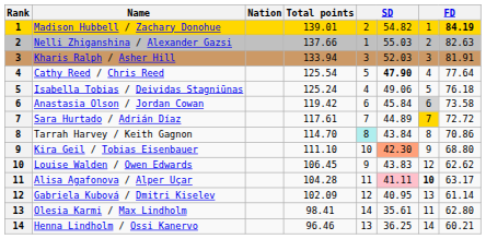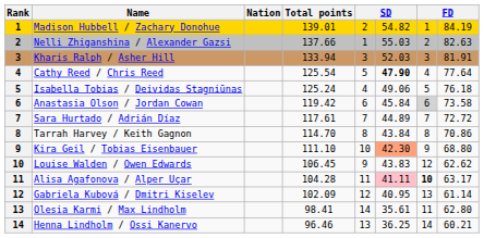 <table class="wikitable sortable">
 <tr>
 <th>Rank</th>
 <th>Name</th>
 <th>Nation</th>
 <th>Total points</th>
 <th colspan="2" width="80px"><a href='#'>SD</a></th>
 <th colspan="2" width="80px"><a href='#'>FD</a></th>
 </tr>
 <tr bgcolor="gold">
 <td align="center"><strong>1</strong></td>
 <td><a href='#'>Madison Hubbell</a> / <a href='#'>Zachary Donohue</a></td>
 <td></td>
 <td align="center">139.01</td>
 <td align="center">2</td>
 <td align="center">54.82</td>
 <td align="center">1</td>
-<td align="center"><strong>84.19</strong></td>
+<td align="center">84.19</td>
 </tr>
 <tr bgcolor="silver">
 <td align="center"><strong>2</strong></td>
 <td><a href='#'>Nelli Zhiganshina</a> / <a href='#'>Alexander Gazsi</a></td>
 <td></td>
 <td align="center">137.66</td>
 <td align="center">1</td>
 <td align="center">55.03</td>
 <td align="center">2</td>
 <td align="center">82.63</td>
 </tr>
 <tr bgcolor="cc9966">
 <td align="center"><strong>3</strong></td>
 <td><a href='#'>Kharis Ralph</a> / <a href='#'>Asher Hill</a></td>
 <td></td>
 <td align="center">133.94</td>
 <td align="center">3</td>
 <td align="center">52.03</td>
 <td align="center">3</td>
 <td align="center">81.91</td>
 </tr>
 <tr>
 <th>4</th>
 <td><a href='#'>Cathy Reed</a> / <a href='#'>Chris Reed</a></td>
 <td></td>
 <td align="center">125.54</td>
 <td align="center">5</td>
 <td align="center"><strong>47.90</strong></td>
 <td align="center">4</td>
 <td align="center">77.64</td>
 </tr>
 <tr>
 <th>5</th>
 <td><a href='#'>Isabella Tobias</a> / <a href='#'>Deividas Stagniūnas</a></td>
 <td></td>
 <td align="center">125.24</td>
 <td align="center">4</td>
 <td align="center">49.06</td>
 <td align="center">5</td>
 <td align="center">76.18</td>
 </tr>
 <tr>
 <th>6</th>
 <td><a href='#'>Anastasia Olson</a> / <a href='#'>Jordan Cowan</a></td>
 <td></td>
 <td align="center">119.42</td>
 <td align="center">6</td>
 <td align="center">45.84</td>
 <td align="center" style="background: lightgrey;">6</td>
 <td align="center">73.58</td>
 </tr>
 <tr>
 <th>7</th>
 <td><a href='#'>Sara Hurtado</a> / <a href='#'>Adrián Díaz</a></td>
 <td></td>
 <td align="center">117.61</td>
 <td align="center">7</td>
 <td align="center">44.89</td>
-<td align="center" style="background: gold;">7</td>
+<td align="center">7</td>
 <td align="center">72.72</td>
 </tr>
 <tr>
 <th>8</th>
 <td>Tarrah Harvey / Keith Gagnon</td>
 <td></td>
 <td align="center">114.70</td>
-<td align="center" style="background: paleturquoise;">8</td>
+<td align="center">8</td>
 <td align="center">43.84</td>
 <td align="center">8</td>
 <td align="center">70.86</td>
 </tr>
 <tr>
 <th>9</th>
 <td><a href='#'>Kira Geil</a> / <a href='#'>Tobias Eisenbauer</a></td>
 <td></td>
 <td align="center">111.10</td>
 <td align="center">10</td>
 <td align="center" style="background: lightsalmon;">42.30</td>
 <td align="center">9</td>
 <td align="center">68.80</td>
 </tr>
 <tr>
 <th>10</th>
 <td><a href='#'>Louise Walden</a> / <a href='#'>Owen Edwards</a></td>
 <td></td>
 <td align="center">106.45</td>
 <td align="center">9</td>
 <td align="center">43.83</td>
 <td align="center">12</td>
 <td align="center">62.62</td>
 </tr>
 <tr>
 <th>11</th>
 <td><a href='#'>Alisa Agafonova</a> / <a href='#'>Alper Uçar</a></td>
 <td></td>
 <td align="center">104.28</td>
 <td align="center">11</td>
 <td align="center" style="background: pink;">41.11</td>
 <td align="center"><strong>10</strong></td>
 <td align="center">63.17</td>
 </tr>
 <tr>
 <th>12</th>
 <td><a href='#'>Gabriela Kubová</a> / <a href='#'>Dmitri Kiselev</a></td>
 <td></td>
 <td align="center">102.09</td>
 <td align="center">12</td>
 <td align="center">40.95</td>
 <td align="center">13</td>
 <td align="center">61.14</td>
 </tr>
 <tr>
 <th>13</th>
 <td><a href='#'>Olesia Karmi</a> / <a href='#'>Max Lindholm</a></td>
 <td></td>
 <td align="center">98.41</td>
 <td align="center">14</td>
 <td align="center">35.61</td>
 <td align="center">11</td>
 <td align="center">62.80</td>
 </tr>
 <tr>
 <th>14</th>
 <td><a href='#'>Henna Lindholm</a> / <a href='#'>Ossi Kanervo</a></td>
 <td></td>
 <td align="center">96.46</td>
 <td align="center">13</td>
 <td align="center">36.25</td>
 <td align="center">14</td>
 <td align="center">60.21</td>
 </tr>
 </table>
